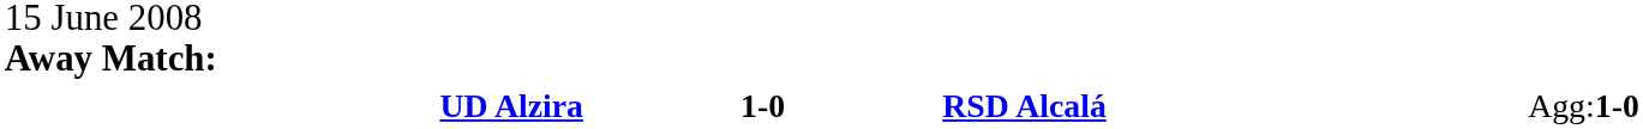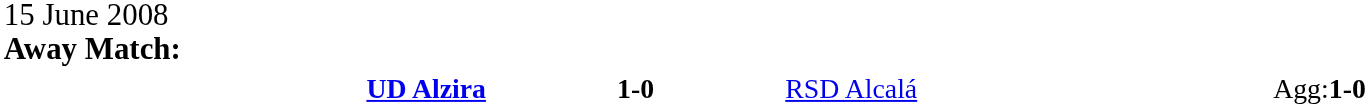 <table width=100% cellspacing=1>
 <tr>
 <th width=20%></th>
 <th width=12%></th>
 <th width=20%></th>
 <th></th>
 </tr>
 <tr>
 <td>15 June 2008<br><strong>Away Match:</strong></td>
 </tr>
 <tr style=font-size:90%>
 <td align=right><strong><a href='#'>UD Alzira</a></strong></td>
 <td align=center><strong>1-0</strong></td>
-<td><strong><a href='#'>RSD Alcalá</a></strong></td>
+<td><a href='#'>RSD Alcalá</a></td>
 <td>Agg:<strong>1-0</strong></td>
 </tr>
 </table>
